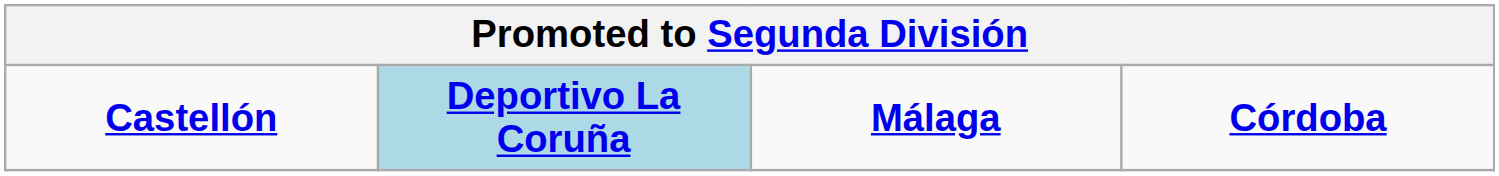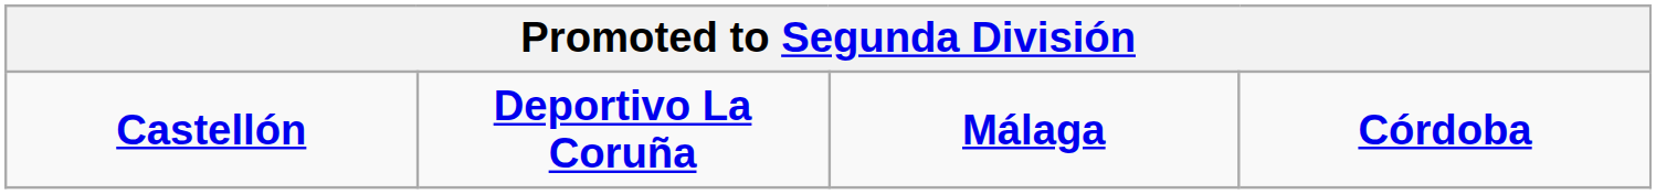 <table class="wikitable" style="text-align: center; margin: 0 auto;">
 <tr>
 <th colspan="4">Promoted to <a href='#'>Segunda División</a></th>
 </tr>
 <tr>
 <td width=25%><strong><a href='#'>Castellón</a></strong><br></td>
-<td width=25% style="background: lightblue;"><strong><a href='#'>Deportivo La Coruña</a></strong><br></td>
+<td width=25%><strong><a href='#'>Deportivo La Coruña</a></strong><br></td>
 <td width=25%><strong><a href='#'>Málaga</a></strong><br></td>
 <td width=25%><strong><a href='#'>Córdoba</a></strong><br></td>
 </tr>
 </table>
